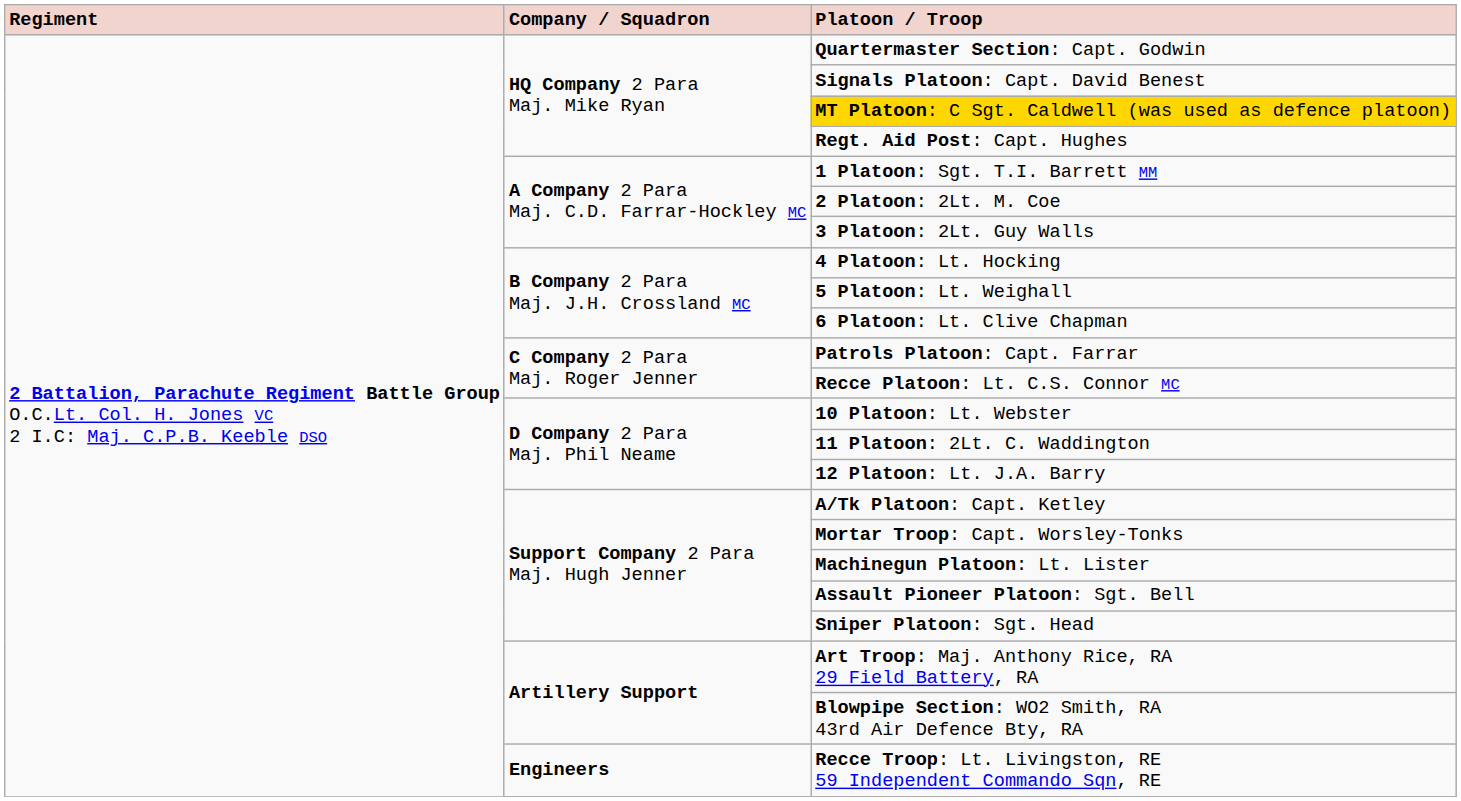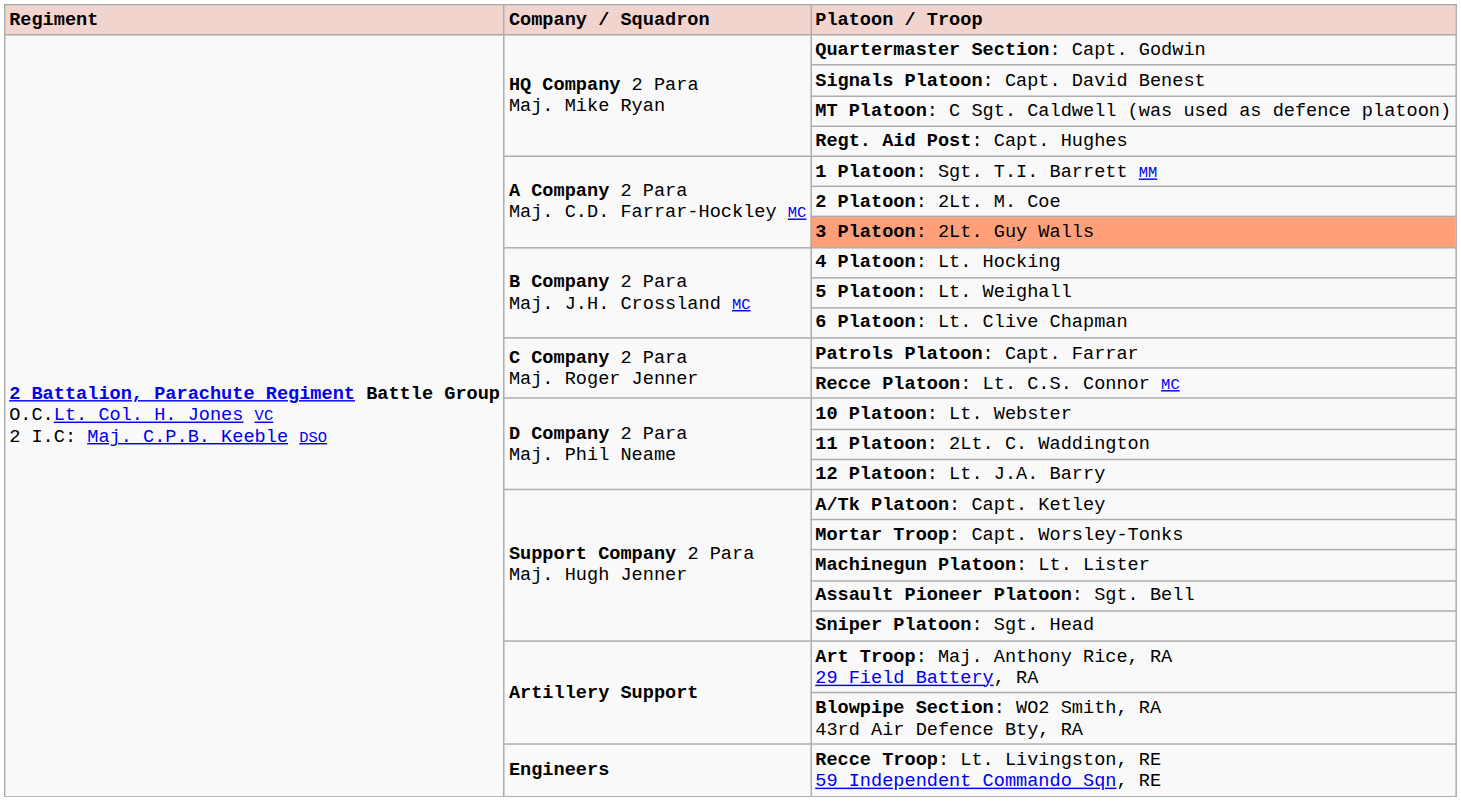 <table class="wikitable">
 <tr>
 <td style="background:#F2D4CE;"><strong>Regiment</strong></td>
 <td , style="background:#F2D4CE;"><strong>Company / Squadron</strong></td>
 <td , style="background:#F2D4CE;"><strong>Platoon / Troop</strong></td>
 </tr>
 <tr>
 <td rowspan="29"><a href='#'><strong>2 Battalion, Parachute Regiment</strong></a> <strong>Battle Group</strong> <br>O.C.<a href='#'>Lt. Col. H. Jones</a> <small><a href='#'>VC</a></small><br>2 I.C: <a href='#'>Maj. C.P.B. Keeble</a> <small><a href='#'>DSO</a></small></td>
 <td rowspan="4"><strong>HQ Company</strong> 2 Para<br>Maj. Mike Ryan</td>
 <td><strong>Quartermaster Section</strong>: Capt. Godwin</td>
 </tr>
 <tr>
 <td><strong>Signals Platoon</strong>: Capt. David Benest</td>
 </tr>
 <tr>
-<td style="background: gold;"><strong>MT Platoon</strong>: C Sgt. Caldwell (was used as defence platoon)</td>
+<td><strong>MT Platoon</strong>: C Sgt. Caldwell (was used as defence platoon)</td>
 </tr>
 <tr>
 <td><strong>Regt. Aid Post</strong>: Capt. Hughes</td>
 </tr>
 <tr>
 <td rowspan="3"><strong>A Company</strong> 2 Para<br>Maj. C.D. Farrar-Hockley <small><a href='#'>MC</a></small></td>
 <td><strong>1 Platoon</strong>: Sgt. T.I. Barrett <small><a href='#'>MM</a></small></td>
 </tr>
 <tr>
 <td><strong>2 Platoon</strong>: 2Lt. M. Coe</td>
 </tr>
 <tr>
-<td><strong>3 Platoon</strong>: 2Lt. Guy Walls</td>
+<td style="background: lightsalmon;"><strong>3 Platoon</strong>: 2Lt. Guy Walls</td>
 </tr>
 <tr>
 <td rowspan="3"><strong>B Company</strong> 2 Para<br>Maj. J.H. Crossland <small><a href='#'>MC</a></small></td>
 <td><strong>4 Platoon</strong>: Lt. Hocking</td>
 </tr>
 <tr>
 <td><strong>5 Platoon</strong>: Lt. Weighall</td>
 </tr>
 <tr>
 <td><strong>6 Platoon</strong>: Lt. Clive Chapman</td>
 </tr>
 <tr>
 <td rowspan="2"><strong>C Company</strong> 2 Para<br>Maj. Roger Jenner</td>
 <td><strong>Patrols Platoon</strong>: Capt. Farrar</td>
 </tr>
 <tr>
 <td><strong>Recce Platoon</strong>: Lt. C.S. Connor <small><a href='#'>MC</a></small></td>
 </tr>
 <tr>
 <td rowspan="3"><strong>D Company</strong> 2 Para<br>Maj. Phil Neame</td>
 <td><strong>10 Platoon</strong>: Lt. Webster</td>
 </tr>
 <tr>
 <td><strong>11 Platoon</strong>: 2Lt. C. Waddington</td>
 </tr>
 <tr>
 <td><strong>12 Platoon</strong>: Lt. J.A. Barry</td>
 </tr>
 <tr>
 <td rowspan="5"><strong>Support Company</strong> 2 Para<br>Maj. Hugh Jenner</td>
 <td><strong>A/Tk Platoon</strong>: Capt. Ketley</td>
 </tr>
 <tr>
 <td><strong>Mortar Troop</strong>: Capt. Worsley-Tonks</td>
 </tr>
 <tr>
 <td><strong>Machinegun Platoon</strong>: Lt. Lister</td>
 </tr>
 <tr>
 <td><strong>Assault Pioneer Platoon</strong>: Sgt. Bell</td>
 </tr>
 <tr>
 <td><strong>Sniper Platoon</strong>: Sgt. Head</td>
 </tr>
 <tr>
 <td rowspan="2"><strong>Artillery Support</strong></td>
 <td><strong>Art Troop</strong>: Maj. Anthony Rice, RA <br><a href='#'>29 Field Battery</a>, RA</td>
 </tr>
 <tr>
 <td><strong>Blowpipe Section</strong>: WO2 Smith, RA<br>43rd Air Defence Bty, RA</td>
 </tr>
 <tr>
 <td><strong>Engineers</strong></td>
 <td><strong>Recce Troop</strong>: Lt. Livingston, RE<br><a href='#'>59 Independent Commando Sqn</a>, RE</td>
 </tr>
 <tr>
 </tr>
 </table>
